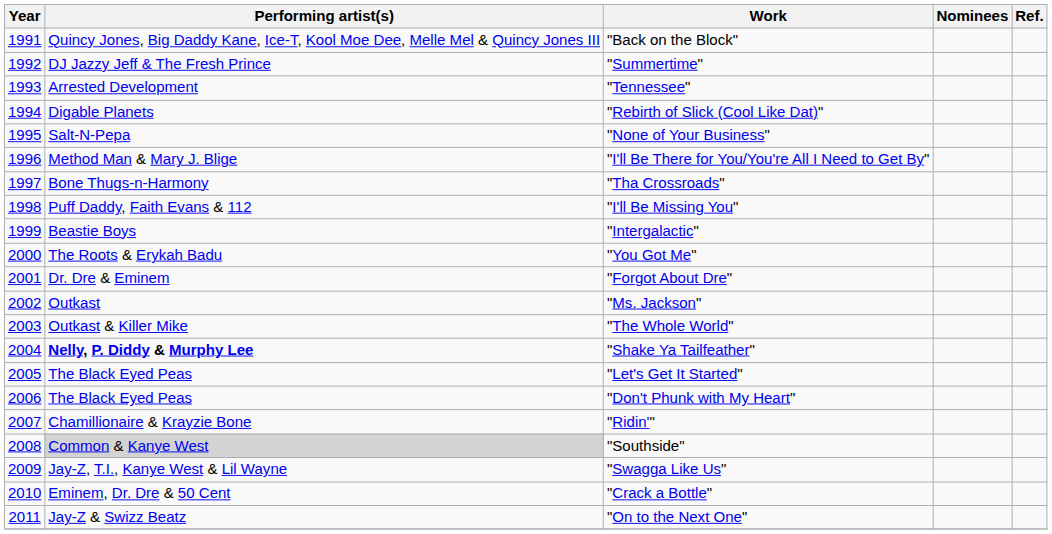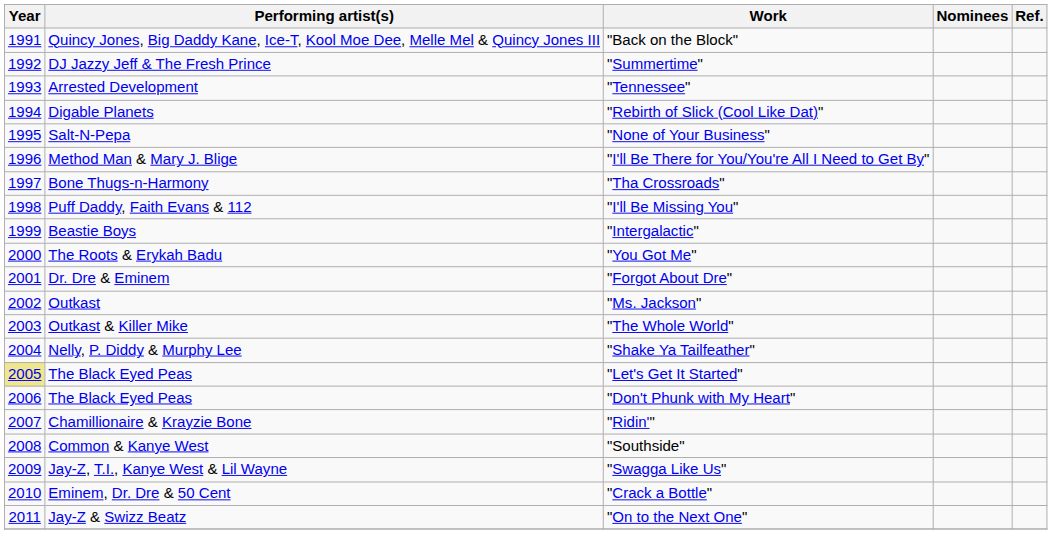 <table class="wikitable sortable">
 <tr>
 <th bgcolor="#efefef">Year</th>
 <th bgcolor="#efefef">Performing artist(s)</th>
 <th bgcolor="#efefef">Work</th>
 <th bgcolor="#efefef" class=unsortable>Nominees</th>
 <th bgcolor="#efefef" class=unsortable>Ref.</th>
 </tr>
 <tr>
 <td align="center"><a href='#'>1991</a></td>
 <td><a href='#'>Quincy Jones</a>, <a href='#'>Big Daddy Kane</a>, <a href='#'>Ice-T</a>, <a href='#'>Kool Moe Dee</a>, <a href='#'>Melle Mel</a> & <a href='#'>Quincy Jones III</a></td>
 <td>"Back on the Block"</td>
 <td></td>
 <td align="center"></td>
 </tr>
 <tr>
 <td align="center"><a href='#'>1992</a></td>
 <td><a href='#'>DJ Jazzy Jeff & The Fresh Prince</a></td>
 <td>"<a href='#'>Summertime</a>"</td>
 <td></td>
 <td align="center"></td>
 </tr>
 <tr>
 <td align="center"><a href='#'>1993</a></td>
 <td><a href='#'>Arrested Development</a></td>
 <td>"<a href='#'>Tennessee</a>"</td>
 <td></td>
 <td align="center"></td>
 </tr>
 <tr>
 <td align="center"><a href='#'>1994</a></td>
 <td><a href='#'>Digable Planets</a></td>
 <td>"<a href='#'>Rebirth of Slick (Cool Like Dat)</a>"</td>
 <td></td>
 <td align="center"></td>
 </tr>
 <tr>
 <td align="center"><a href='#'>1995</a></td>
 <td><a href='#'>Salt-N-Pepa</a></td>
 <td>"<a href='#'>None of Your Business</a>"</td>
 <td></td>
 <td align="center"></td>
 </tr>
 <tr>
 <td align="center"><a href='#'>1996</a></td>
 <td><a href='#'>Method Man</a> & <a href='#'>Mary J. Blige</a></td>
 <td>"<a href='#'>I'll Be There for You/You're All I Need to Get By</a>"</td>
 <td></td>
 <td align="center"></td>
 </tr>
 <tr>
 <td align="center"><a href='#'>1997</a></td>
 <td><a href='#'>Bone Thugs-n-Harmony</a></td>
 <td>"<a href='#'>Tha Crossroads</a>"</td>
 <td></td>
 <td align="center"></td>
 </tr>
 <tr>
 <td align="center"><a href='#'>1998</a></td>
 <td><a href='#'>Puff Daddy</a>, <a href='#'>Faith Evans</a> & <a href='#'>112</a></td>
 <td>"<a href='#'>I'll Be Missing You</a>"</td>
 <td></td>
 <td align="center"></td>
 </tr>
 <tr>
 <td align="center"><a href='#'>1999</a></td>
 <td><a href='#'>Beastie Boys</a></td>
 <td>"<a href='#'>Intergalactic</a>"</td>
 <td></td>
 <td align="center"></td>
 </tr>
 <tr>
 <td align="center"><a href='#'>2000</a></td>
 <td><a href='#'>The Roots</a> & <a href='#'>Erykah Badu</a></td>
 <td>"<a href='#'>You Got Me</a>"</td>
 <td></td>
 <td align="center"></td>
 </tr>
 <tr>
 <td align="center"><a href='#'>2001</a></td>
 <td><a href='#'>Dr. Dre</a> & <a href='#'>Eminem</a></td>
 <td>"<a href='#'>Forgot About Dre</a>"</td>
 <td></td>
 <td align="center"></td>
 </tr>
 <tr>
 <td align="center"><a href='#'>2002</a></td>
 <td><a href='#'>Outkast</a></td>
 <td>"<a href='#'>Ms. Jackson</a>"</td>
 <td></td>
 <td align="center"></td>
 </tr>
 <tr>
 <td align="center"><a href='#'>2003</a></td>
 <td><a href='#'>Outkast</a> & <a href='#'>Killer Mike</a></td>
 <td>"<a href='#'>The Whole World</a>"</td>
 <td></td>
 <td align="center"></td>
 </tr>
 <tr>
 <td align="center"><a href='#'>2004</a></td>
-<td><strong><a href='#'>Nelly</a>, <a href='#'>P. Diddy</a> & <a href='#'>Murphy Lee</a></strong></td>
+<td><a href='#'>Nelly</a>, <a href='#'>P. Diddy</a> & <a href='#'>Murphy Lee</a></td>
 <td>"<a href='#'>Shake Ya Tailfeather</a>"</td>
 <td></td>
 <td align="center"></td>
 </tr>
 <tr>
-<td align="center"><a href='#'>2005</a></td>
+<td align="center" style="background: khaki;"><a href='#'>2005</a></td>
 <td><a href='#'>The Black Eyed Peas</a></td>
 <td>"<a href='#'>Let's Get It Started</a>"</td>
 <td></td>
 <td align="center"></td>
 </tr>
 <tr>
 <td align="center"><a href='#'>2006</a></td>
 <td><a href='#'>The Black Eyed Peas</a></td>
 <td>"<a href='#'>Don't Phunk with My Heart</a>"</td>
 <td></td>
 <td align="center"></td>
 </tr>
 <tr>
 <td align="center"><a href='#'>2007</a></td>
 <td><a href='#'>Chamillionaire</a> & <a href='#'>Krayzie Bone</a></td>
 <td>"<a href='#'>Ridin'</a>"</td>
 <td></td>
 <td align="center"></td>
 </tr>
 <tr>
 <td align="center"><a href='#'>2008</a></td>
-<td style="background: lightgrey;"><a href='#'>Common</a> & <a href='#'>Kanye West</a></td>
+<td><a href='#'>Common</a> & <a href='#'>Kanye West</a></td>
 <td>"Southside"</td>
 <td></td>
 <td align="center"></td>
 </tr>
 <tr>
 <td align="center"><a href='#'>2009</a></td>
 <td><a href='#'>Jay-Z</a>, <a href='#'>T.I.</a>, <a href='#'>Kanye West</a> & <a href='#'>Lil Wayne</a></td>
 <td>"<a href='#'>Swagga Like Us</a>"</td>
 <td></td>
 <td align="center"></td>
 </tr>
 <tr>
 <td align="center"><a href='#'>2010</a></td>
 <td><a href='#'>Eminem</a>, <a href='#'>Dr. Dre</a> & <a href='#'>50 Cent</a></td>
 <td>"<a href='#'>Crack a Bottle</a>"</td>
 <td></td>
 <td align="center"></td>
 </tr>
 <tr>
 <td align="center"><a href='#'>2011</a></td>
 <td><a href='#'>Jay-Z</a> & <a href='#'>Swizz Beatz</a></td>
 <td>"<a href='#'>On to the Next One</a>"</td>
 <td></td>
 <td align="center"></td>
 </tr>
 <tr>
 </tr>
 </table>
